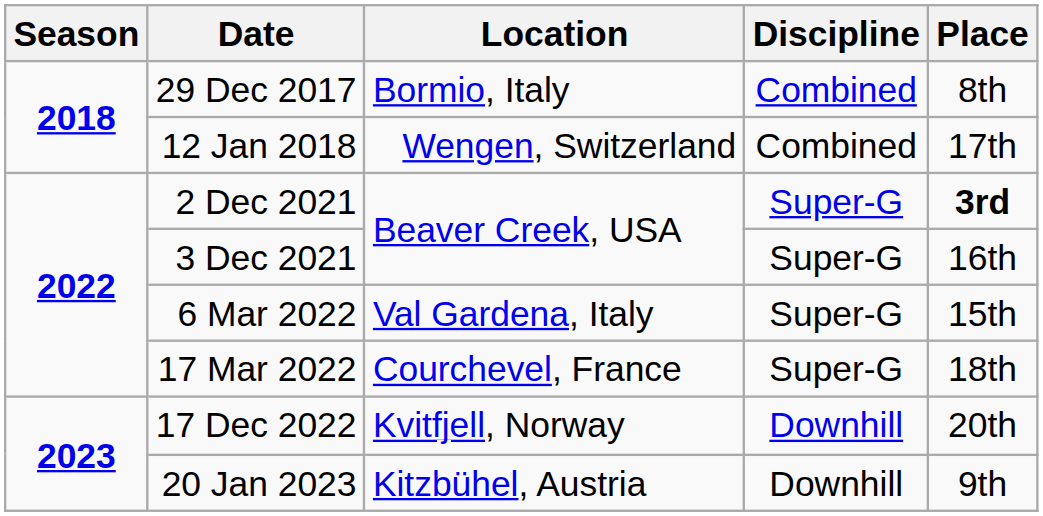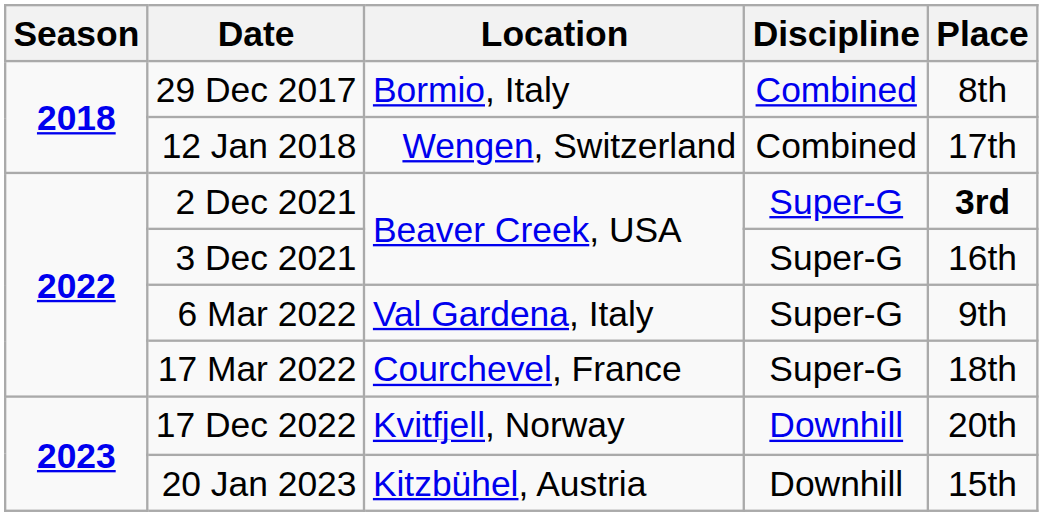 <table class="wikitable" style="text-align:center; font-size:95%;">
 <tr>
 <th>Season</th>
 <th>Date</th>
 <th>Location</th>
 <th>Discipline</th>
 <th>Place</th>
 </tr>
 <tr>
 <td rowspan=2><strong><a href='#'>2018</a></strong></td>
 <td align=right>29 Dec 2017</td>
 <td align=left> <a href='#'>Bormio</a>, Italy</td>
 <td><a href='#'>Combined</a></td>
 <td>8th</td>
 </tr>
 <tr>
 <td align=right>12 Jan 2018</td>
 <td align=left>   <a href='#'>Wengen</a>, Switzerland</td>
 <td>Combined</td>
 <td>17th</td>
 </tr>
 <tr>
 <td rowspan=4><strong><a href='#'>2022</a></strong></td>
 <td align=right>2 Dec 2021</td>
 <td align=left rowspan=2> <a href='#'>Beaver Creek</a>, USA</td>
 <td><a href='#'>Super-G</a></td>
 <td><strong>3rd</strong></td>
 </tr>
 <tr>
 <td align=right>3 Dec 2021</td>
 <td>Super-G</td>
 <td>16th</td>
 </tr>
 <tr>
 <td align=right>6 Mar 2022</td>
 <td align=left> <a href='#'>Val Gardena</a>, Italy</td>
 <td>Super-G</td>
-<td>15th</td>
+<td>9th</td>
 </tr>
 <tr>
 <td align=right>17 Mar 2022</td>
 <td align=left> <a href='#'>Courchevel</a>, France</td>
 <td>Super-G</td>
 <td>18th</td>
 </tr>
 <tr>
 <td rowspan=2><strong><a href='#'>2023</a></strong></td>
 <td align=right>17 Dec 2022</td>
 <td align=left> <a href='#'>Kvitfjell</a>, Norway</td>
 <td><a href='#'>Downhill</a></td>
 <td>20th</td>
 </tr>
 <tr>
 <td style=text-align:right>20 Jan 2023</td>
 <td style=text-align:left> <a href='#'>Kitzbühel</a>, Austria</td>
 <td>Downhill</td>
-<td>9th</td>
+<td>15th</td>
 </tr>
 </table>
